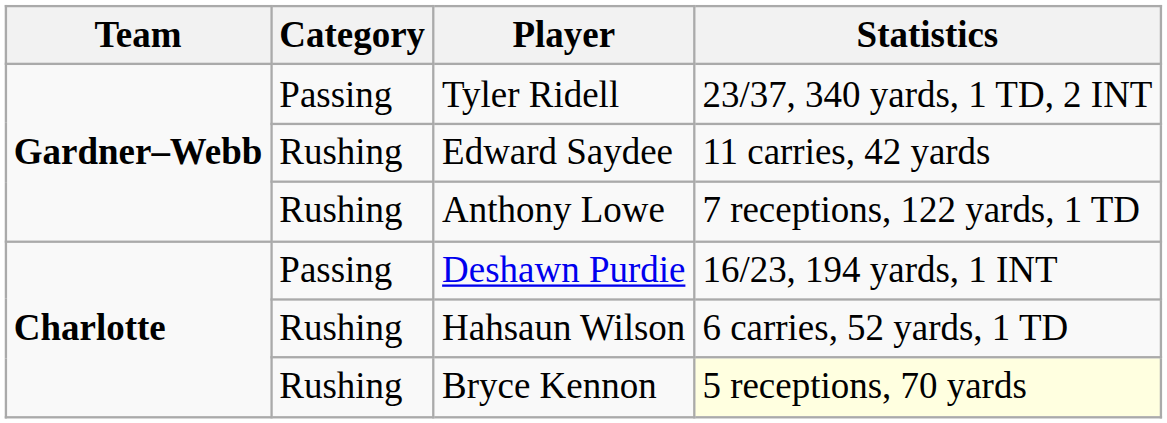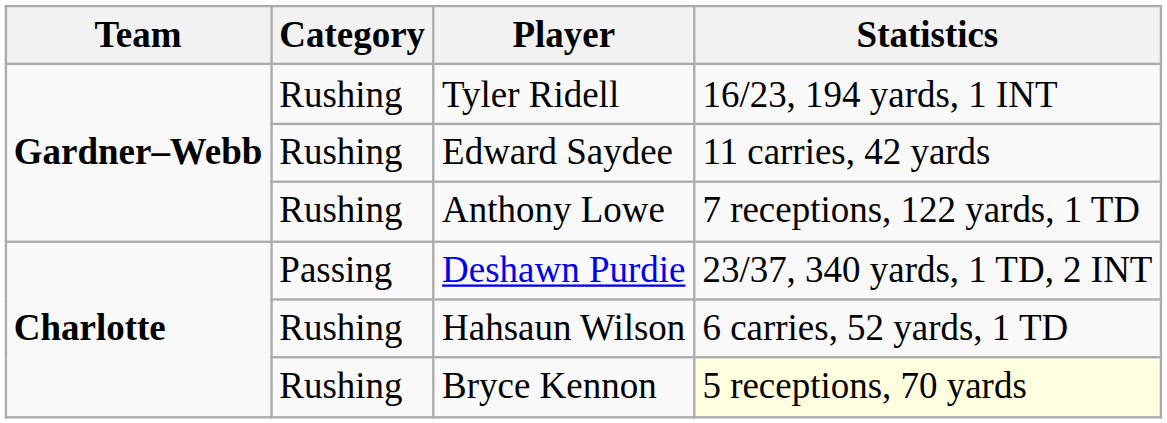 <table class="wikitable" style="float: right;">
 <tr>
 <th>Team</th>
 <th>Category</th>
 <th>Player</th>
 <th>Statistics</th>
 </tr>
 <tr>
 <td rowspan=3><strong>Gardner–Webb</strong></td>
-<td>Passing</td>
+<td>Rushing</td>
 <td>Tyler Ridell</td>
-<td>23/37, 340 yards, 1 TD, 2 INT</td>
+<td>16/23, 194 yards, 1 INT</td>
 </tr>
 <tr>
 <td>Rushing</td>
 <td>Edward Saydee</td>
 <td>11 carries, 42 yards</td>
 </tr>
 <tr>
 <td>Rushing</td>
 <td>Anthony Lowe</td>
 <td>7 receptions, 122 yards, 1 TD</td>
 </tr>
 <tr>
 <td rowspan=3><strong>Charlotte</strong></td>
 <td>Passing</td>
 <td><a href='#'>Deshawn Purdie</a></td>
-<td>16/23, 194 yards, 1 INT</td>
+<td>23/37, 340 yards, 1 TD, 2 INT</td>
 </tr>
 <tr>
 <td>Rushing</td>
 <td>Hahsaun Wilson</td>
 <td>6 carries, 52 yards, 1 TD</td>
 </tr>
 <tr>
 <td>Rushing</td>
 <td>Bryce Kennon</td>
 <td style="background: lightyellow;">5 receptions, 70 yards</td>
 </tr>
 </table>
